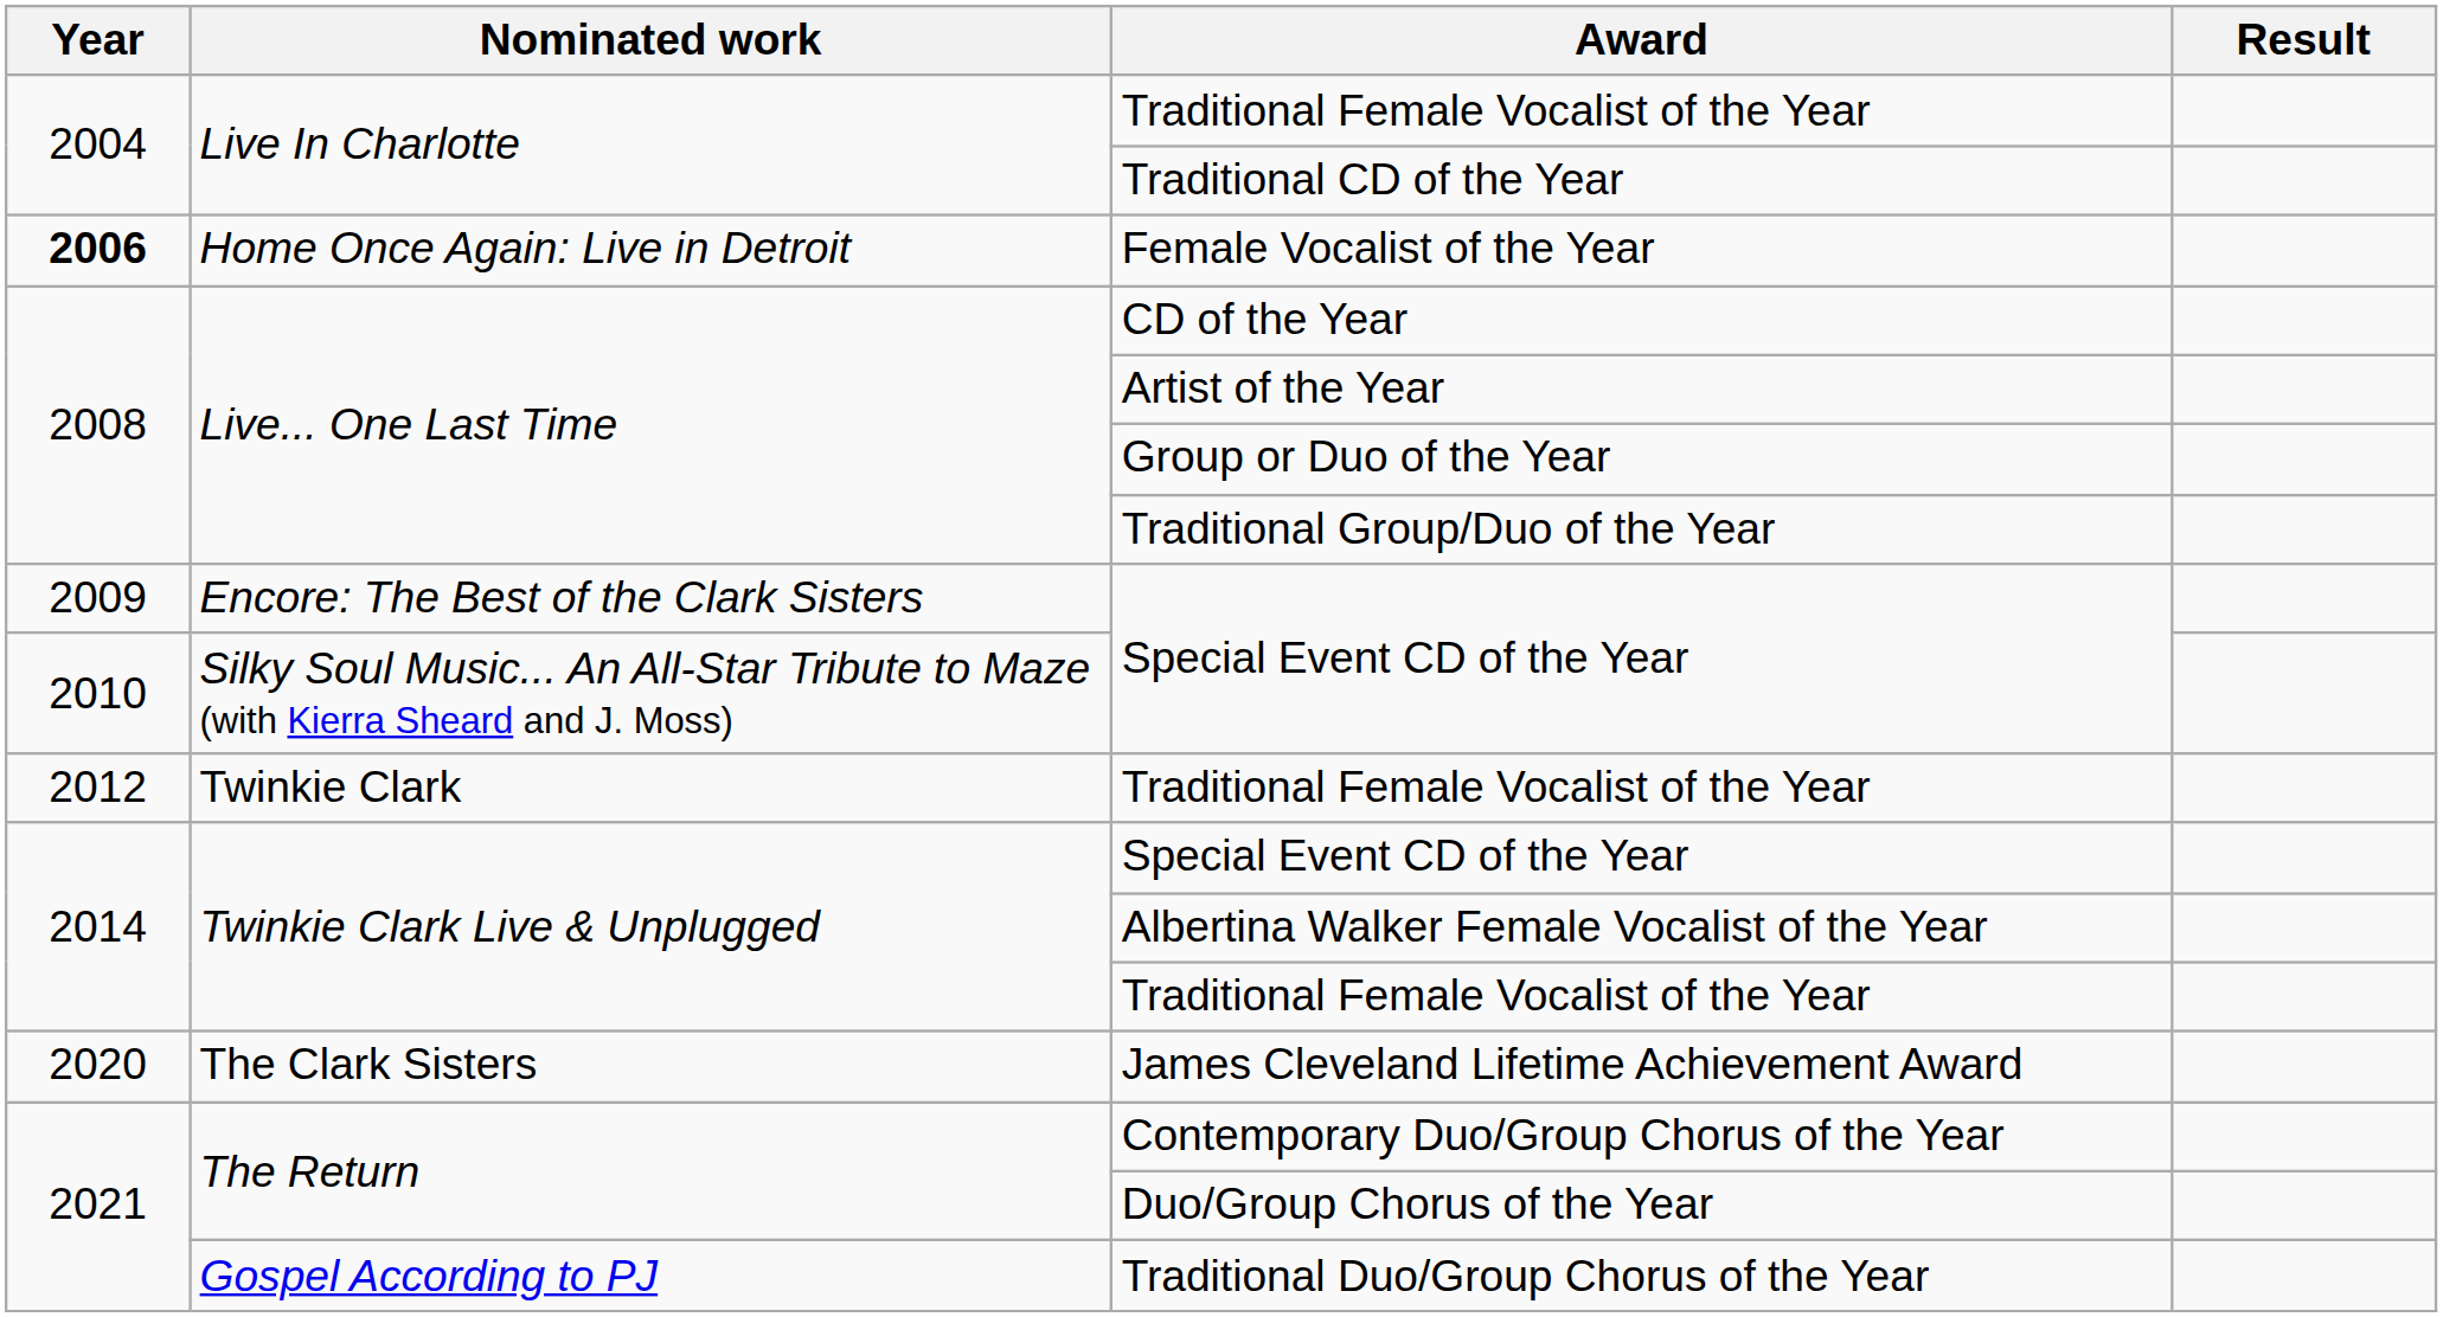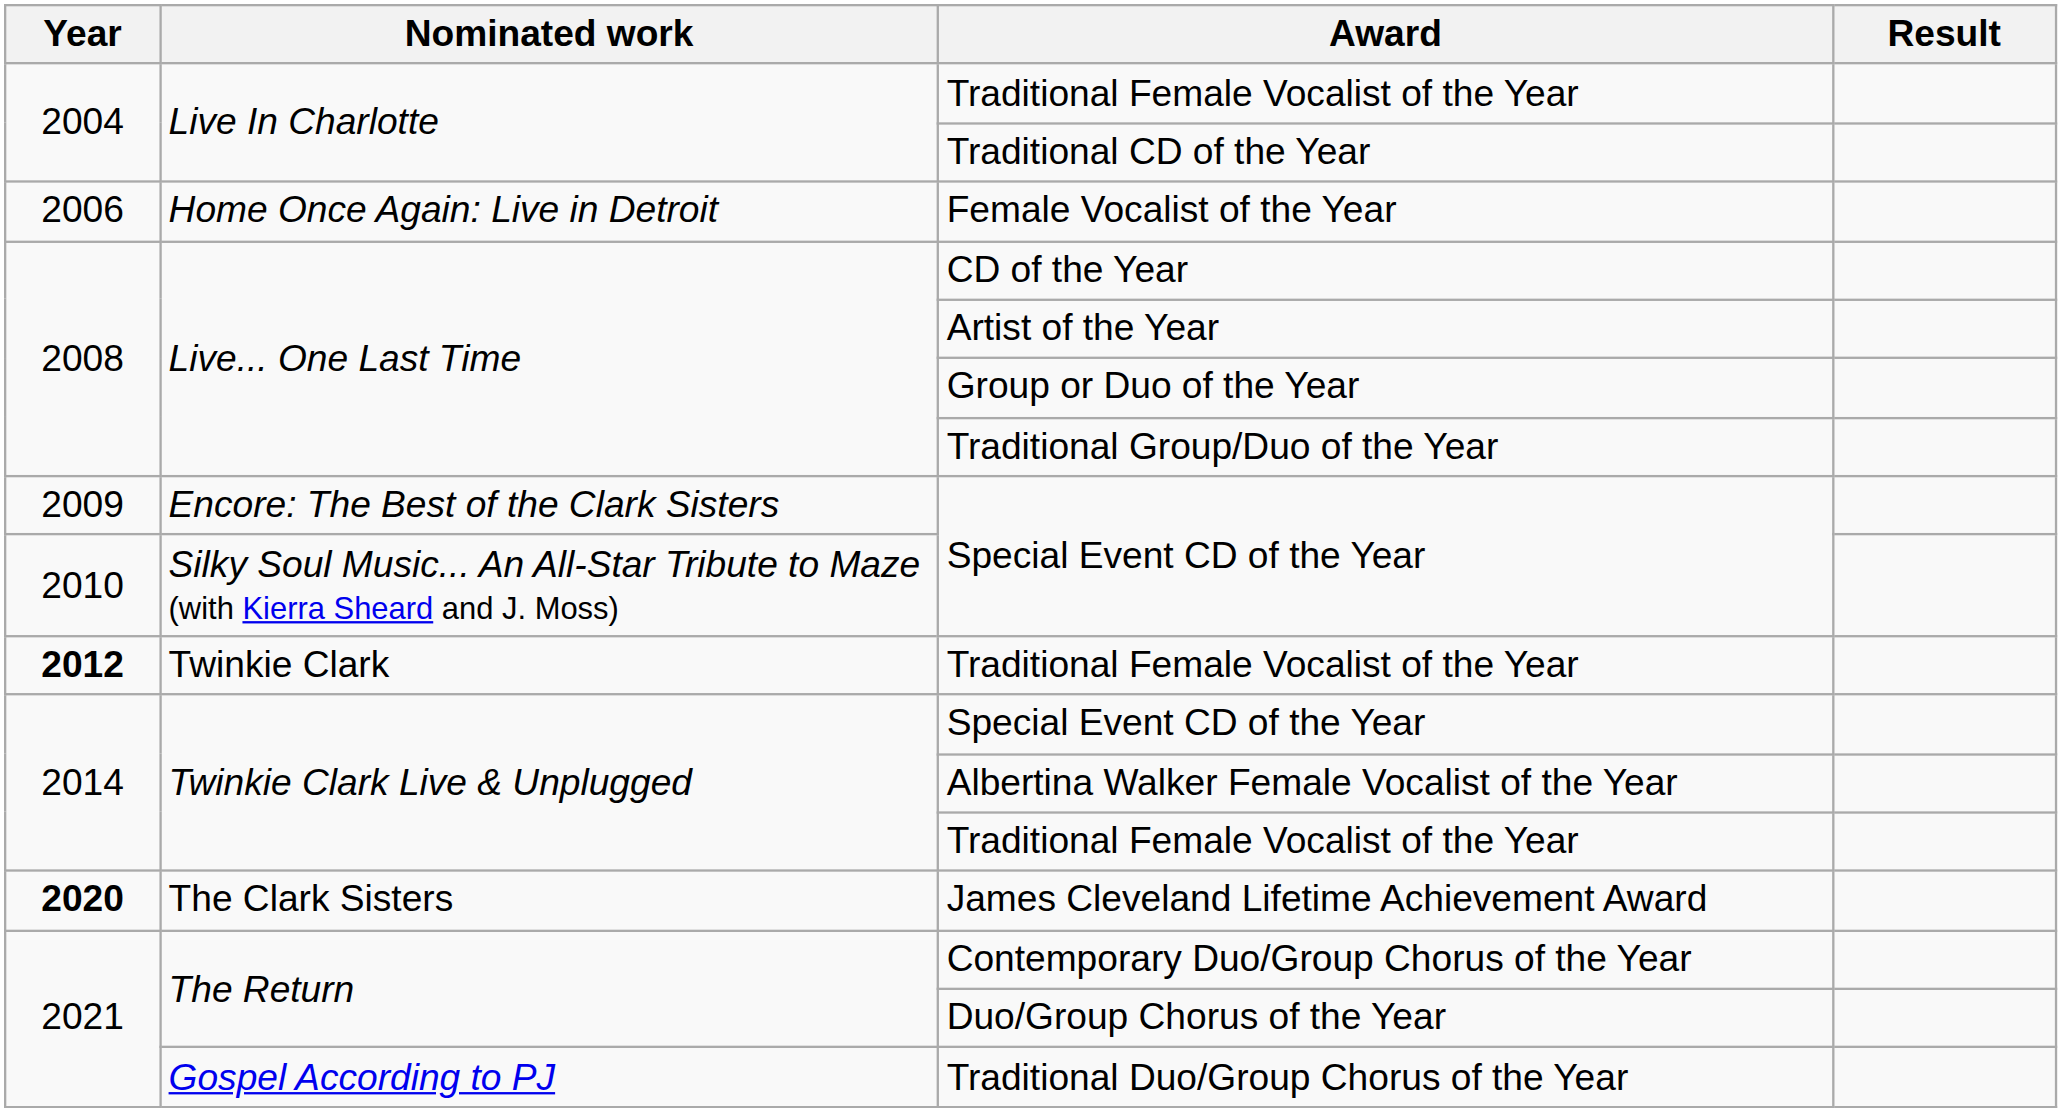 <table class="wikitable" style="width:70%;">
 <tr>
 <th style="width:3%;">Year</th>
 <th style="width:20%;">Nominated work</th>
 <th style="width:23%;">Award</th>
 <th style="width:5%;">Result</th>
 </tr>
 <tr>
 <td align="center" rowspan="2">2004</td>
 <td rowspan="2"><em>Live In Charlotte</em></td>
 <td>Traditional Female Vocalist of the Year</td>
 <td></td>
 </tr>
 <tr>
 <td>Traditional CD of the Year</td>
 <td></td>
 </tr>
 <tr>
-<td align="center"><strong>2006</strong></td>
+<td align="center">2006</td>
 <td><em>Home Once Again: Live in Detroit</em></td>
 <td>Female Vocalist of the Year</td>
 <td></td>
 </tr>
 <tr>
 <td align="center" rowspan="4">2008</td>
 <td rowspan="4"><em>Live... One Last Time</em></td>
 <td>CD of the Year</td>
 <td></td>
 </tr>
 <tr>
 <td>Artist of the Year</td>
 <td></td>
 </tr>
 <tr>
 <td>Group or Duo of the Year</td>
 <td></td>
 </tr>
 <tr>
 <td>Traditional Group/Duo of the Year</td>
 <td></td>
 </tr>
 <tr>
 <td align="center">2009</td>
 <td><em>Encore: The Best of the Clark Sisters</em></td>
 <td rowspan="2">Special Event CD of the Year</td>
 <td></td>
 </tr>
 <tr>
 <td align="center">2010</td>
 <td><em>Silky Soul Music... An All-Star Tribute to Maze</em> <small>(with <a href='#'>Kierra Sheard</a> and J. Moss)</small></td>
 <td></td>
 </tr>
 <tr>
-<td align="center">2012</td>
+<td align="center"><strong>2012</strong></td>
 <td>Twinkie Clark</td>
 <td>Traditional Female Vocalist of the Year</td>
 <td></td>
 </tr>
 <tr>
 <td align="center" rowspan="3">2014</td>
 <td rowspan="3"><em>Twinkie Clark Live & Unplugged</em></td>
 <td>Special Event CD of the Year</td>
 <td></td>
 </tr>
 <tr>
 <td>Albertina Walker Female Vocalist of the Year</td>
 <td></td>
 </tr>
 <tr>
 <td>Traditional Female Vocalist of the Year</td>
 <td></td>
 </tr>
 <tr>
-<td align="center">2020</td>
+<td align="center"><strong>2020</strong></td>
 <td>The Clark Sisters</td>
 <td>James Cleveland Lifetime Achievement Award</td>
 <td></td>
 </tr>
 <tr>
 <td align="center" rowspan="3">2021</td>
 <td rowspan="2"><em>The Return</em></td>
 <td>Contemporary Duo/Group Chorus of the Year</td>
 <td></td>
 </tr>
 <tr>
 <td>Duo/Group Chorus of the Year</td>
 <td></td>
 </tr>
 <tr>
 <td><em><a href='#'>Gospel According to PJ</a></em></td>
 <td>Traditional Duo/Group Chorus of the Year</td>
 <td></td>
 </tr>
 </table>
